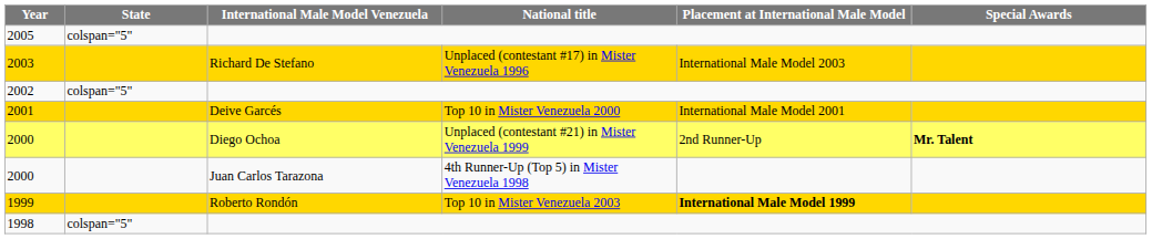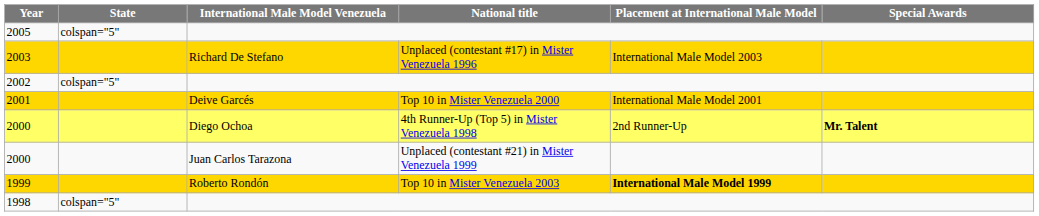 <table class="sortable" border="5" cellpadding="2" cellspacing="0" align=" 0 1em 0 0" style="background: #f9f9f9; border: 1px #aaa solid; border-collapse: collapse; font-size: 90%">
 <tr>
 <th width="60" style="background-color:#787878;color:#FFFFFF;">Year</th>
 <th width="150" style="background-color:#787878;color:#FFFFFF;">State</th>
 <th width="250" style="background-color:#787878;color:#FFFFFF;">International Male Model Venezuela</th>
 <th width="250" style="background-color:#787878;color:#FFFFFF;">National title</th>
 <th width="250" style="background-color:#787878;color:#FFFFFF;">Placement at International Male Model</th>
 <th width="250" style="background-color:#787878;color:#FFFFFF;">Special Awards</th>
 </tr>
 <tr>
 <td>2005</td>
 <td>colspan="5" </td>
 </tr>
 <tr bgcolor="gold">
 <td>2003</td>
 <td></td>
 <td>Richard De Stefano</td>
 <td>Unplaced (contestant #17) in <a href='#'>Mister Venezuela 1996</a></td>
 <td>International Male Model 2003</td>
 <td></td>
 </tr>
 <tr>
 <td>2002</td>
 <td>colspan="5" </td>
 </tr>
 <tr bgcolor="gold">
 <td>2001</td>
 <td></td>
 <td>Deive Garcés</td>
 <td>Top 10 in <a href='#'>Mister Venezuela 2000</a></td>
 <td>International Male Model 2001</td>
 <td></td>
 </tr>
 <tr bgcolor="#FFFF66">
 <td>2000</td>
 <td></td>
 <td>Diego Ochoa</td>
-<td>Unplaced (contestant #21) in <a href='#'>Mister Venezuela 1999</a></td>
+<td>4th Runner-Up (Top 5) in <a href='#'>Mister Venezuela 1998</a></td>
 <td>2nd Runner-Up</td>
 <td><strong>Mr. Talent</strong></td>
 </tr>
 <tr>
 <td>2000</td>
 <td></td>
 <td>Juan Carlos Tarazona</td>
-<td>4th Runner-Up (Top 5) in <a href='#'>Mister Venezuela 1998</a></td>
+<td>Unplaced (contestant #21) in <a href='#'>Mister Venezuela 1999</a></td>
 <td></td>
 <td></td>
 </tr>
 <tr bgcolor="gold">
 <td>1999</td>
 <td></td>
 <td>Roberto Rondón</td>
 <td>Top 10 in <a href='#'>Mister Venezuela 2003</a></td>
 <td><strong>International Male Model 1999</strong></td>
 <td></td>
 </tr>
 <tr>
 <td>1998</td>
 <td>colspan="5" </td>
 </tr>
 </table>
